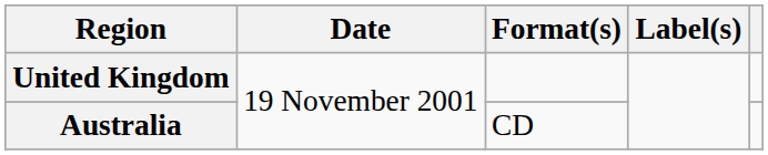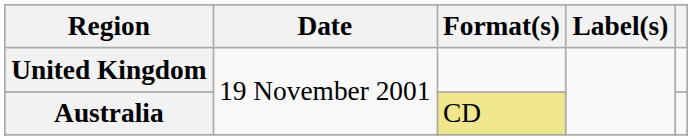 <table class="wikitable plainrowheaders">
 <tr>
 <th scope="col">Region</th>
 <th scope="col">Date</th>
 <th scope="col">Format(s)</th>
 <th scope="col">Label(s)</th>
 <th scope="col"></th>
 </tr>
 <tr>
 <th scope="row">United Kingdom</th>
 <td rowspan="2">19 November 2001</td>
 <td></td>
 <td rowspan="2"></td>
 <td></td>
 </tr>
 <tr>
 <th scope="row">Australia</th>
-<td>CD</td>
+<td style="background: khaki;">CD</td>
 <td></td>
 </tr>
 </table>
